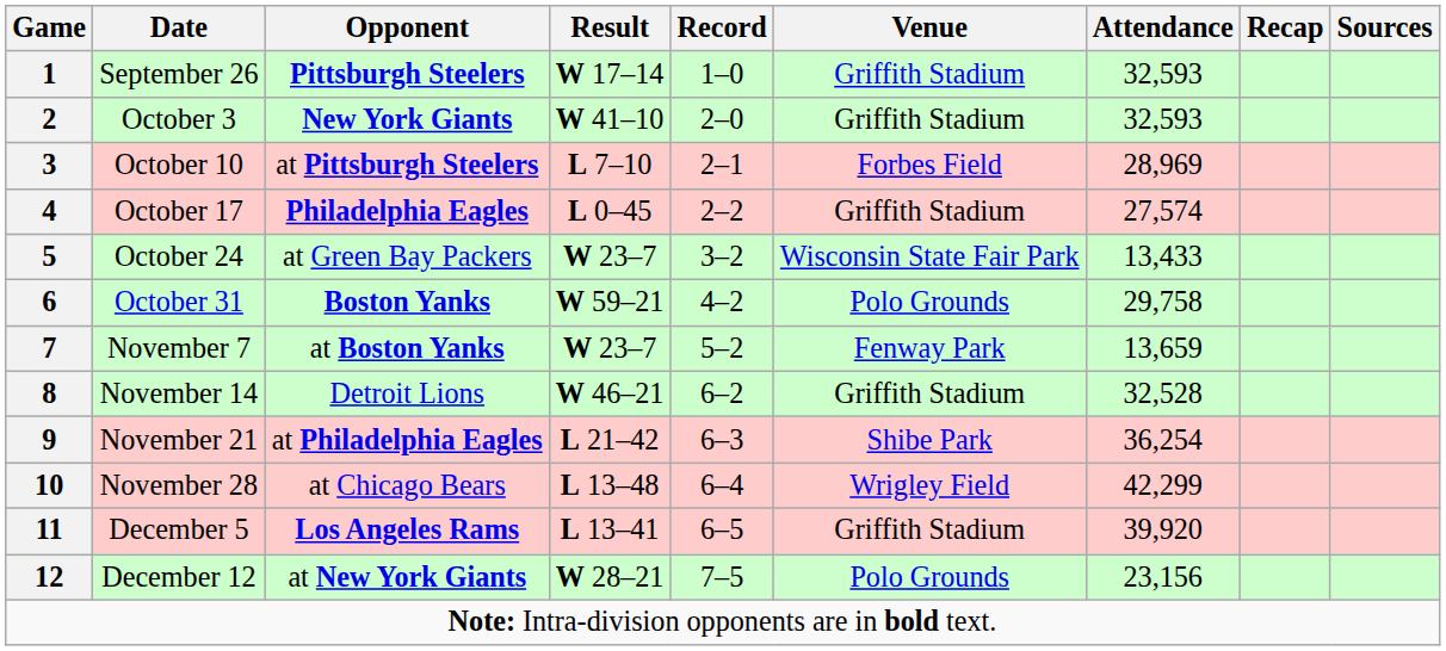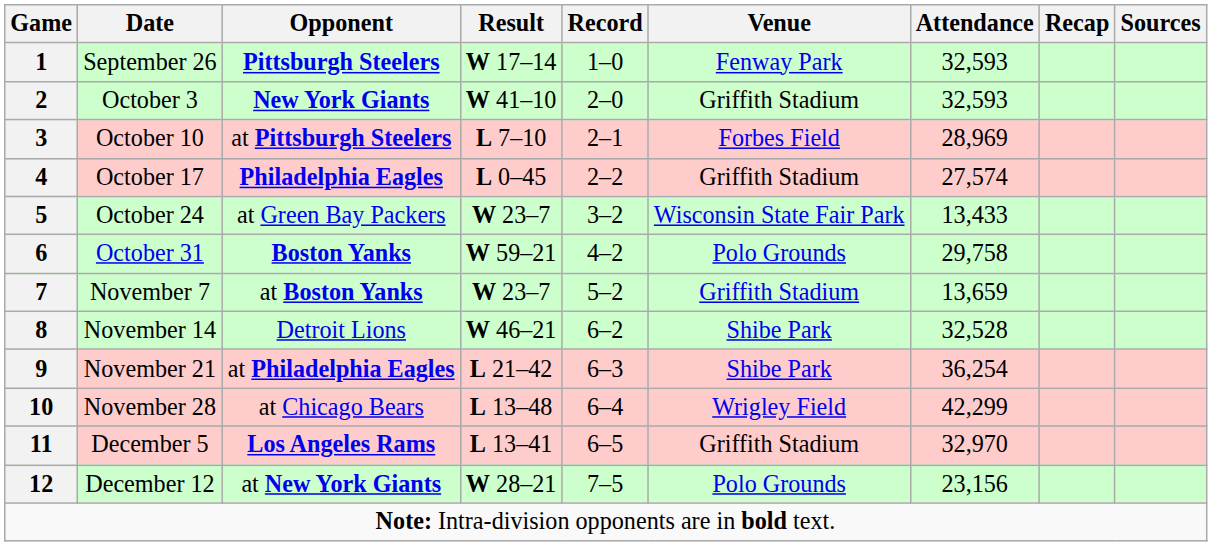 <table class="wikitable" style="text-align:center">
 <tr>
 <th>Game</th>
 <th>Date</th>
 <th>Opponent</th>
 <th>Result</th>
 <th>Record</th>
 <th>Venue</th>
 <th>Attendance</th>
 <th>Recap</th>
 <th>Sources</th>
 </tr>
 <tr style="background:#cfc">
 <th>1</th>
 <td>September 26</td>
 <td><strong><a href='#'>Pittsburgh Steelers</a></strong></td>
 <td><strong>W</strong> 17–14</td>
 <td>1–0</td>
-<td><a href='#'>Griffith Stadium</a></td>
+<td><a href='#'>Fenway Park</a></td>
 <td>32,593</td>
 <td></td>
 <td></td>
 </tr>
 <tr style="background:#cfc">
 <th>2</th>
 <td>October 3</td>
 <td><strong><a href='#'>New York Giants</a></strong></td>
 <td><strong>W</strong> 41–10</td>
 <td>2–0</td>
 <td>Griffith Stadium</td>
 <td>32,593</td>
 <td></td>
 <td></td>
 </tr>
 <tr style="background:#fcc">
 <th>3</th>
 <td>October 10</td>
 <td>at <strong><a href='#'>Pittsburgh Steelers</a></strong></td>
 <td><strong>L</strong> 7–10</td>
 <td>2–1</td>
 <td><a href='#'>Forbes Field</a></td>
 <td>28,969</td>
 <td></td>
 <td></td>
 </tr>
 <tr style="background:#fcc">
 <th>4</th>
 <td>October 17</td>
 <td><strong><a href='#'>Philadelphia Eagles</a></strong></td>
 <td><strong>L</strong> 0–45</td>
 <td>2–2</td>
 <td>Griffith Stadium</td>
 <td>27,574</td>
 <td></td>
 <td></td>
 </tr>
 <tr style="background:#cfc">
 <th>5</th>
 <td>October 24</td>
 <td>at <a href='#'>Green Bay Packers</a></td>
 <td><strong>W</strong> 23–7</td>
 <td>3–2</td>
 <td><a href='#'>Wisconsin State Fair Park</a></td>
 <td>13,433</td>
 <td></td>
 <td></td>
 </tr>
 <tr style="background:#cfc">
 <th>6</th>
 <td><a href='#'>October 31</a></td>
 <td><strong><a href='#'>Boston Yanks</a></strong></td>
 <td><strong>W</strong> 59–21</td>
 <td>4–2</td>
 <td><a href='#'>Polo Grounds</a></td>
 <td>29,758</td>
 <td></td>
 <td></td>
 </tr>
 <tr style="background:#cfc">
 <th>7</th>
 <td>November 7</td>
 <td>at <strong><a href='#'>Boston Yanks</a></strong></td>
 <td><strong>W</strong> 23–7</td>
 <td>5–2</td>
-<td><a href='#'>Fenway Park</a></td>
+<td><a href='#'>Griffith Stadium</a></td>
 <td>13,659</td>
 <td></td>
 <td></td>
 </tr>
 <tr style="background:#cfc">
 <th>8</th>
 <td>November 14</td>
 <td><a href='#'>Detroit Lions</a></td>
 <td><strong>W</strong> 46–21</td>
 <td>6–2</td>
-<td>Griffith Stadium</td>
+<td><a href='#'>Shibe Park</a></td>
 <td>32,528</td>
 <td></td>
 <td></td>
 </tr>
 <tr style="background:#fcc">
 <th>9</th>
 <td>November 21</td>
 <td>at <strong><a href='#'>Philadelphia Eagles</a></strong></td>
 <td><strong>L</strong> 21–42</td>
 <td>6–3</td>
 <td><a href='#'>Shibe Park</a></td>
 <td>36,254</td>
 <td></td>
 <td></td>
 </tr>
 <tr style="background:#fcc">
 <th>10</th>
 <td>November 28</td>
 <td>at <a href='#'>Chicago Bears</a></td>
 <td><strong>L</strong> 13–48</td>
 <td>6–4</td>
 <td><a href='#'>Wrigley Field</a></td>
 <td>42,299</td>
 <td></td>
 <td></td>
 </tr>
 <tr style="background:#fcc">
 <th>11</th>
 <td>December 5</td>
 <td><strong><a href='#'>Los Angeles Rams</a></strong></td>
 <td><strong>L</strong> 13–41</td>
 <td>6–5</td>
 <td>Griffith Stadium</td>
-<td>39,920</td>
+<td>32,970</td>
 <td></td>
 <td></td>
 </tr>
 <tr style="background:#cfc">
 <th>12</th>
 <td>December 12</td>
 <td>at <strong><a href='#'>New York Giants</a></strong></td>
 <td><strong>W</strong> 28–21</td>
 <td>7–5</td>
 <td><a href='#'>Polo Grounds</a></td>
 <td>23,156</td>
 <td></td>
 <td></td>
 </tr>
 <tr>
 <td colspan="10"><strong>Note:</strong> Intra-division opponents are in <strong>bold</strong> text.</td>
 </tr>
 </table>
